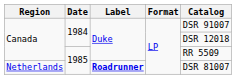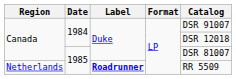 <table class="wikitable">
 <tr>
 <th>Region</th>
 <th>Date</th>
 <th>Label</th>
 <th>Format</th>
 <th>Catalog</th>
 </tr>
 <tr>
 <td rowspan="3">Canada</td>
 <td rowspan="2">1984</td>
 <td rowspan="3"><a href='#'>Duke</a></td>
 <td rowspan="4"><a href='#'>LP</a></td>
 <td>DSR 91007</td>
 </tr>
 <tr>
 <td>DSR 12018</td>
 </tr>
 <tr>
 <td rowspan="2">1985</td>
-<td>RR 5509</td>
+<td>DSR 81007</td>
 </tr>
 <tr>
 <td><a href='#'>Netherlands</a></td>
 <td><strong><a href='#'>Roadrunner</a></strong></td>
-<td>DSR 81007</td>
+<td>RR 5509</td>
 </tr>
 </table>
